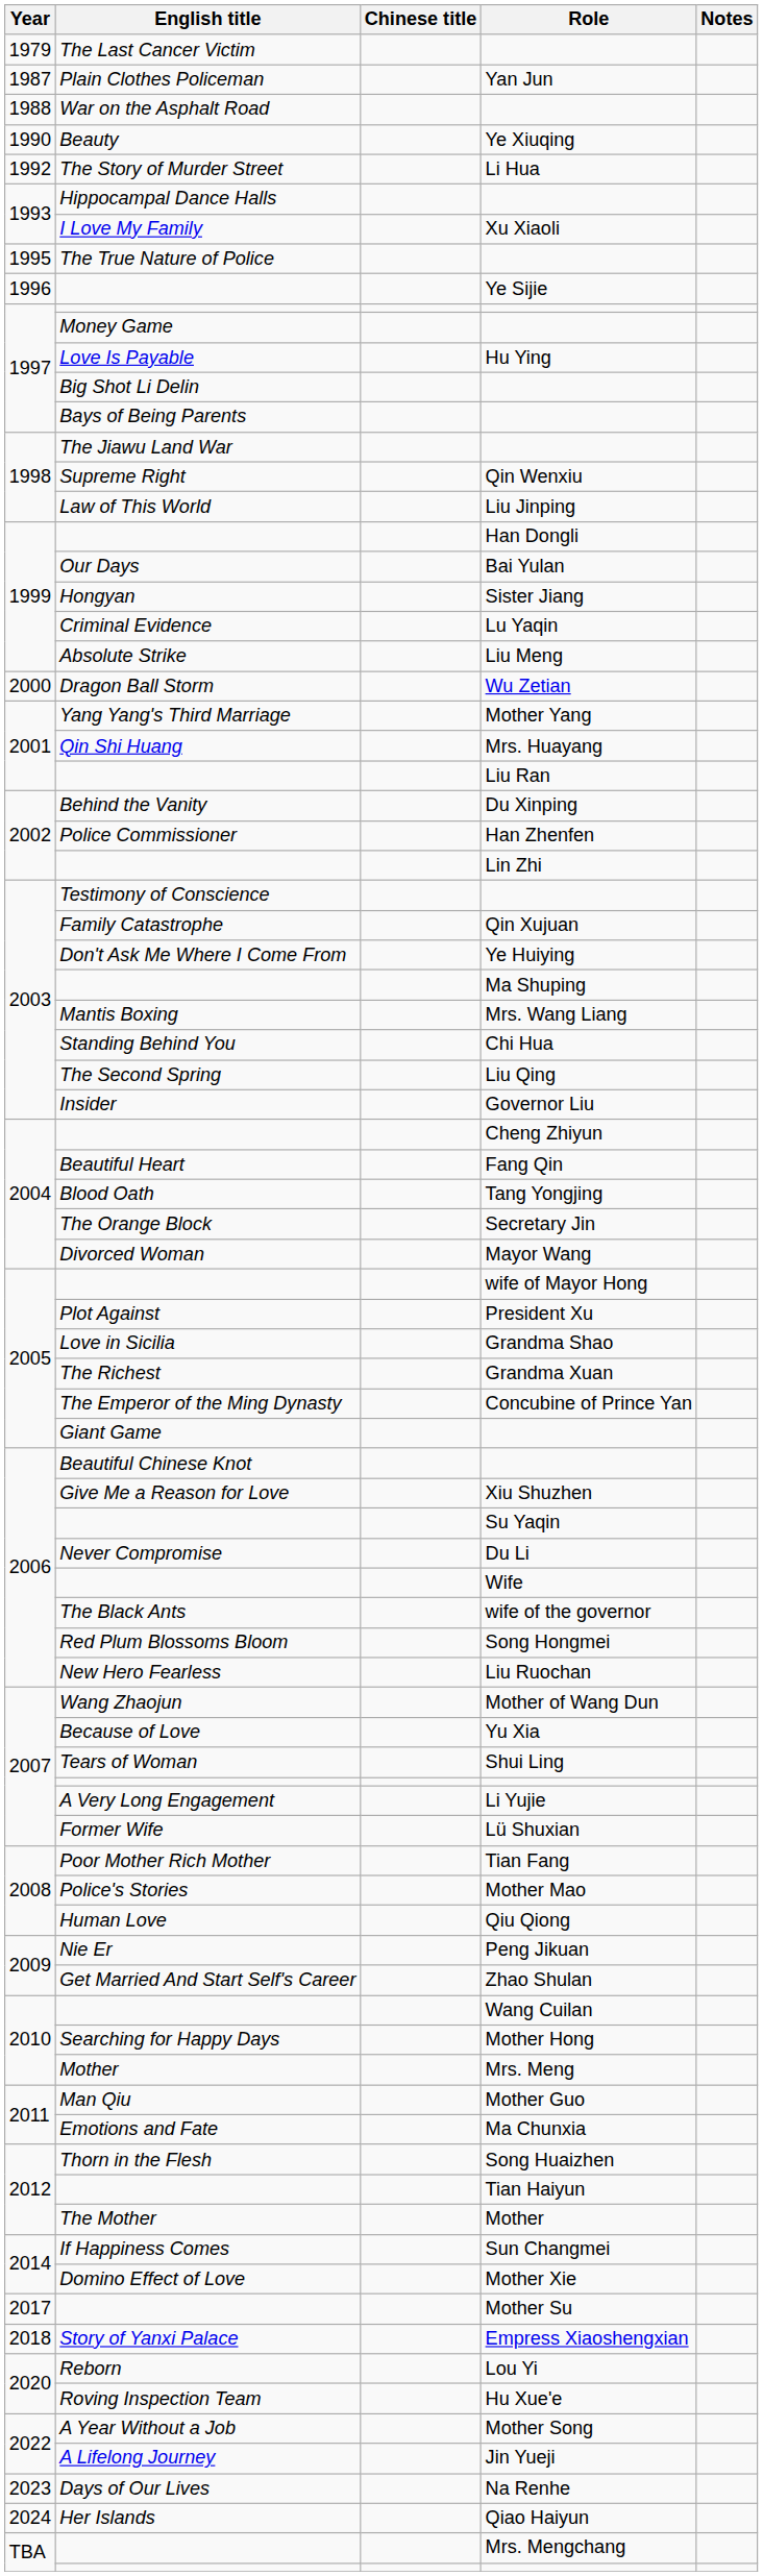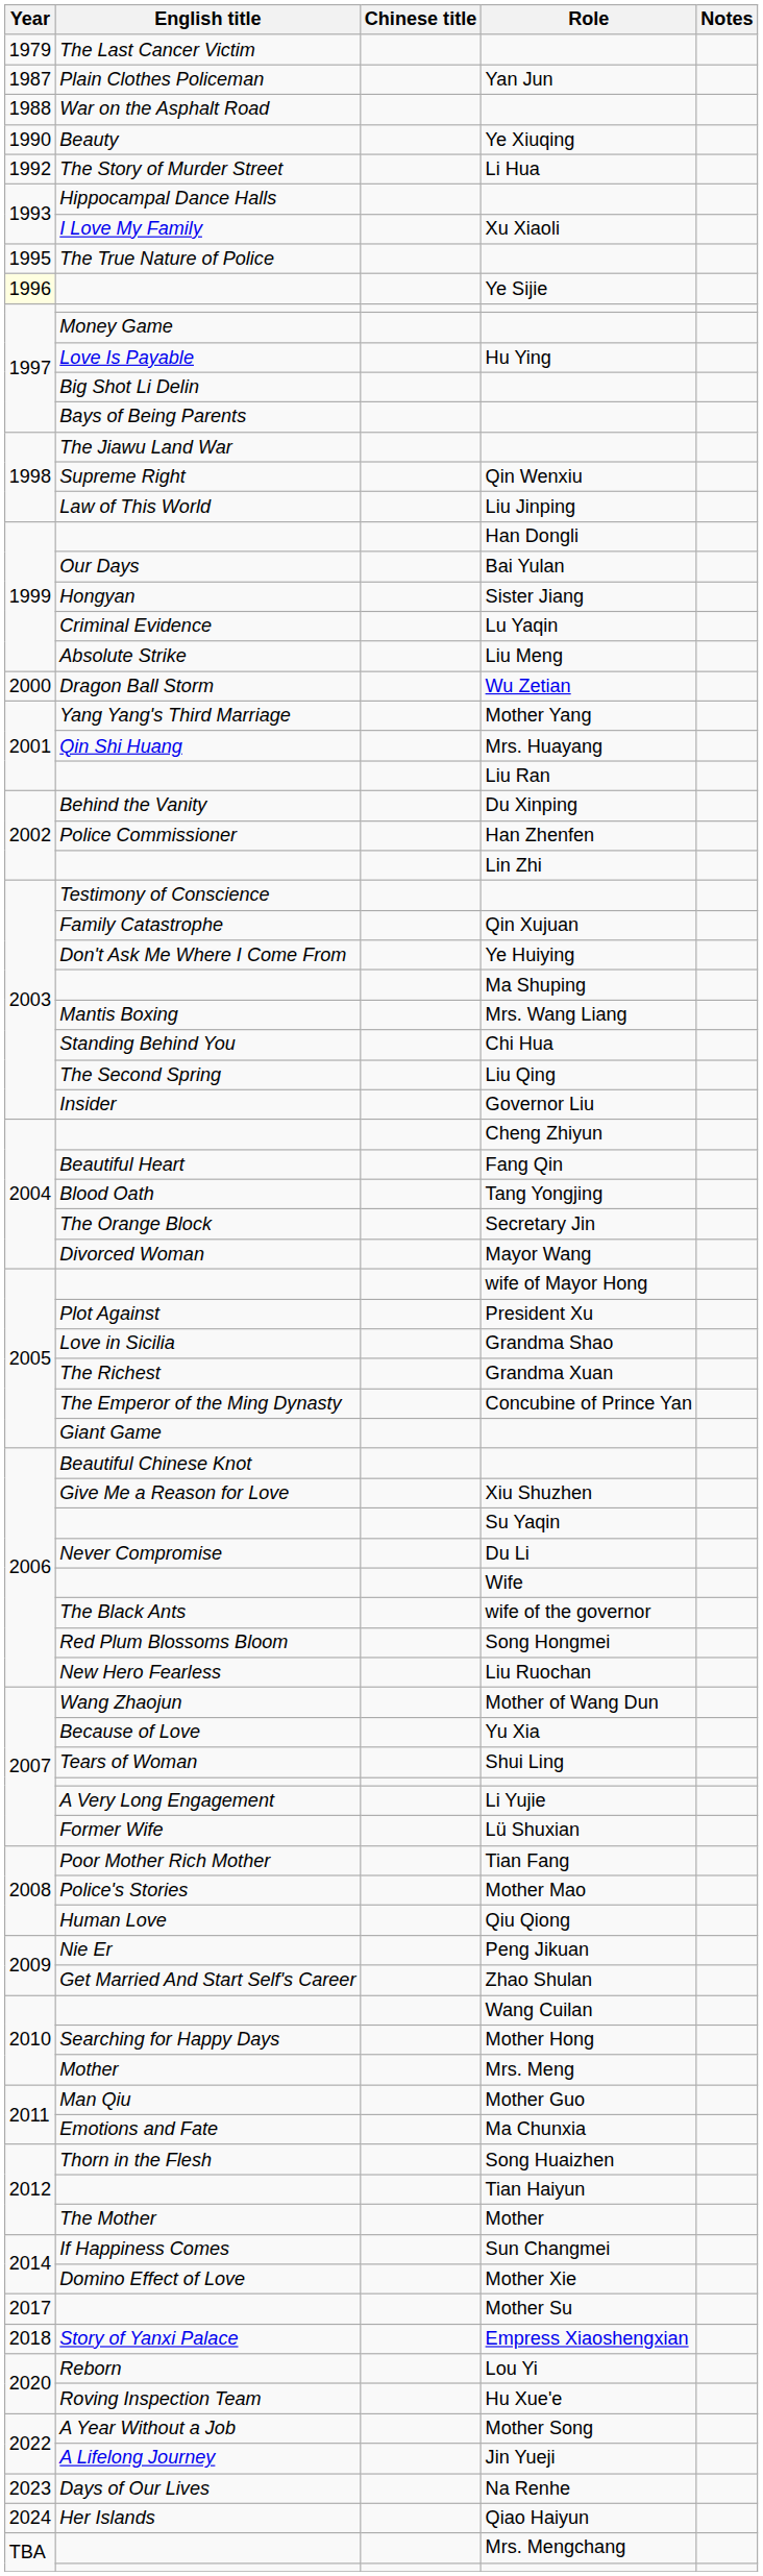 <table class="wikitable">
 <tr>
 <th>Year</th>
 <th>English title</th>
 <th>Chinese title</th>
 <th>Role</th>
 <th>Notes</th>
 </tr>
 <tr>
 <td>1979</td>
 <td><em>The Last Cancer Victim</em></td>
 <td></td>
 <td></td>
 <td></td>
 </tr>
 <tr>
 <td>1987</td>
 <td><em>Plain Clothes Policeman</em></td>
 <td></td>
 <td>Yan Jun</td>
 <td></td>
 </tr>
 <tr>
 <td>1988</td>
 <td><em>War on the Asphalt Road</em></td>
 <td></td>
 <td></td>
 <td></td>
 </tr>
 <tr>
 <td>1990</td>
 <td><em>Beauty</em></td>
 <td></td>
 <td>Ye Xiuqing</td>
 <td></td>
 </tr>
 <tr>
 <td>1992</td>
 <td><em>The Story of Murder Street</em></td>
 <td></td>
 <td>Li Hua</td>
 <td></td>
 </tr>
 <tr>
 <td rowspan="2">1993</td>
 <td><em>Hippocampal Dance Halls</em></td>
 <td></td>
 <td></td>
 <td></td>
 </tr>
 <tr>
 <td><em><a href='#'>I Love My Family</a></em></td>
 <td></td>
 <td>Xu Xiaoli</td>
 <td></td>
 </tr>
 <tr>
 <td>1995</td>
 <td><em>The True Nature of Police</em></td>
 <td></td>
 <td></td>
 <td></td>
 </tr>
 <tr>
-<td>1996</td>
+<td style="background: lightyellow;">1996</td>
 <td></td>
 <td></td>
 <td>Ye Sijie</td>
 <td></td>
 </tr>
 <tr>
 <td rowspan="5">1997</td>
 <td></td>
 <td></td>
 <td></td>
 <td></td>
 </tr>
 <tr>
 <td><em>Money Game</em></td>
 <td></td>
 <td></td>
 <td></td>
 </tr>
 <tr>
 <td><em><a href='#'>Love Is Payable</a></em></td>
 <td></td>
 <td>Hu Ying</td>
 <td></td>
 </tr>
 <tr>
 <td><em>Big Shot Li Delin</em></td>
 <td></td>
 <td></td>
 <td></td>
 </tr>
 <tr>
 <td><em>Bays of Being Parents</em></td>
 <td></td>
 <td></td>
 <td></td>
 </tr>
 <tr>
 <td rowspan="3">1998</td>
 <td><em>The Jiawu Land War</em></td>
 <td></td>
 <td></td>
 <td></td>
 </tr>
 <tr>
 <td><em>Supreme Right</em></td>
 <td></td>
 <td>Qin Wenxiu</td>
 <td></td>
 </tr>
 <tr>
 <td><em>Law of This World</em></td>
 <td></td>
 <td>Liu Jinping</td>
 <td></td>
 </tr>
 <tr>
 <td rowspan="5">1999</td>
 <td></td>
 <td></td>
 <td>Han Dongli</td>
 <td></td>
 </tr>
 <tr>
 <td><em>Our Days</em></td>
 <td></td>
 <td>Bai Yulan</td>
 <td></td>
 </tr>
 <tr>
 <td><em>Hongyan</em></td>
 <td></td>
 <td>Sister Jiang</td>
 <td></td>
 </tr>
 <tr>
 <td><em>Criminal Evidence</em></td>
 <td></td>
 <td>Lu Yaqin</td>
 <td></td>
 </tr>
 <tr>
 <td><em>Absolute Strike</em></td>
 <td></td>
 <td>Liu Meng</td>
 <td></td>
 </tr>
 <tr>
 <td>2000</td>
 <td><em>Dragon Ball Storm</em></td>
 <td></td>
 <td><a href='#'>Wu Zetian</a></td>
 <td></td>
 </tr>
 <tr>
 <td rowspan="3">2001</td>
 <td><em>Yang Yang's Third Marriage</em></td>
 <td></td>
 <td>Mother Yang</td>
 <td></td>
 </tr>
 <tr>
 <td><em><a href='#'>Qin Shi Huang</a></em></td>
 <td></td>
 <td>Mrs. Huayang</td>
 <td></td>
 </tr>
 <tr>
 <td></td>
 <td></td>
 <td>Liu Ran</td>
 <td></td>
 </tr>
 <tr>
 <td rowspan="3">2002</td>
 <td><em>Behind the Vanity</em></td>
 <td></td>
 <td>Du Xinping</td>
 <td></td>
 </tr>
 <tr>
 <td><em>Police Commissioner</em></td>
 <td></td>
 <td>Han Zhenfen</td>
 <td></td>
 </tr>
 <tr>
 <td></td>
 <td></td>
 <td>Lin Zhi</td>
 <td></td>
 </tr>
 <tr>
 <td rowspan="8">2003</td>
 <td><em>Testimony of Conscience</em></td>
 <td></td>
 <td></td>
 <td></td>
 </tr>
 <tr>
 <td><em>Family Catastrophe</em></td>
 <td></td>
 <td>Qin Xujuan</td>
 <td></td>
 </tr>
 <tr>
 <td><em>Don't Ask Me Where I Come From</em></td>
 <td></td>
 <td>Ye Huiying</td>
 <td></td>
 </tr>
 <tr>
 <td></td>
 <td></td>
 <td>Ma Shuping</td>
 <td></td>
 </tr>
 <tr>
 <td><em>Mantis Boxing</em></td>
 <td></td>
 <td>Mrs. Wang Liang</td>
 <td></td>
 </tr>
 <tr>
 <td><em>Standing Behind You</em></td>
 <td></td>
 <td>Chi Hua</td>
 <td></td>
 </tr>
 <tr>
 <td><em>The Second Spring</em></td>
 <td></td>
 <td>Liu Qing</td>
 <td></td>
 </tr>
 <tr>
 <td><em>Insider</em></td>
 <td></td>
 <td>Governor Liu</td>
 <td></td>
 </tr>
 <tr>
 <td rowspan="5">2004</td>
 <td></td>
 <td></td>
 <td>Cheng Zhiyun</td>
 <td></td>
 </tr>
 <tr>
 <td><em>Beautiful Heart</em></td>
 <td></td>
 <td>Fang Qin</td>
 <td></td>
 </tr>
 <tr>
 <td><em>Blood Oath</em></td>
 <td></td>
 <td>Tang Yongjing</td>
 <td></td>
 </tr>
 <tr>
 <td><em>The Orange Block</em></td>
 <td></td>
 <td>Secretary Jin</td>
 <td></td>
 </tr>
 <tr>
 <td><em>Divorced Woman</em></td>
 <td></td>
 <td>Mayor Wang</td>
 <td></td>
 </tr>
 <tr>
 <td rowspan="6">2005</td>
 <td></td>
 <td></td>
 <td>wife of Mayor Hong</td>
 <td></td>
 </tr>
 <tr>
 <td><em>Plot Against</em></td>
 <td></td>
 <td>President Xu</td>
 <td></td>
 </tr>
 <tr>
 <td><em>Love in Sicilia</em></td>
 <td></td>
 <td>Grandma Shao</td>
 <td></td>
 </tr>
 <tr>
 <td><em>The Richest</em></td>
 <td></td>
 <td>Grandma Xuan</td>
 <td></td>
 </tr>
 <tr>
 <td><em>The Emperor of the Ming Dynasty</em></td>
 <td></td>
 <td>Concubine of Prince Yan</td>
 <td></td>
 </tr>
 <tr>
 <td><em>Giant Game</em></td>
 <td></td>
 <td></td>
 <td></td>
 </tr>
 <tr>
 <td rowspan="8">2006</td>
 <td><em>Beautiful Chinese Knot</em></td>
 <td></td>
 <td></td>
 <td></td>
 </tr>
 <tr>
 <td><em>Give Me a Reason for Love</em></td>
 <td></td>
 <td>Xiu Shuzhen</td>
 <td></td>
 </tr>
 <tr>
 <td></td>
 <td></td>
 <td>Su Yaqin</td>
 <td></td>
 </tr>
 <tr>
 <td><em>Never Compromise</em></td>
 <td></td>
 <td>Du Li</td>
 <td></td>
 </tr>
 <tr>
 <td></td>
 <td></td>
 <td>Wife</td>
 <td></td>
 </tr>
 <tr>
 <td><em>The Black Ants</em></td>
 <td></td>
 <td>wife of the governor</td>
 <td></td>
 </tr>
 <tr>
 <td><em>Red Plum Blossoms Bloom</em></td>
 <td></td>
 <td>Song Hongmei</td>
 <td></td>
 </tr>
 <tr>
 <td><em>New Hero Fearless</em></td>
 <td></td>
 <td>Liu Ruochan</td>
 <td></td>
 </tr>
 <tr>
 <td rowspan="6">2007</td>
 <td><em>Wang Zhaojun</em></td>
 <td></td>
 <td>Mother of Wang Dun</td>
 <td></td>
 </tr>
 <tr>
 <td><em>Because of Love</em></td>
 <td></td>
 <td>Yu Xia</td>
 <td></td>
 </tr>
 <tr>
 <td><em>Tears of Woman</em></td>
 <td></td>
 <td>Shui Ling</td>
 <td></td>
 </tr>
 <tr>
 <td></td>
 <td></td>
 <td></td>
 <td></td>
 </tr>
 <tr>
 <td><em>A Very Long Engagement</em></td>
 <td></td>
 <td>Li Yujie</td>
 <td></td>
 </tr>
 <tr>
 <td><em>Former Wife</em></td>
 <td></td>
 <td>Lü Shuxian</td>
 <td></td>
 </tr>
 <tr>
 <td rowspan="3">2008</td>
 <td><em>Poor Mother Rich Mother</em></td>
 <td></td>
 <td>Tian Fang</td>
 <td></td>
 </tr>
 <tr>
 <td><em>Police's Stories </em></td>
 <td></td>
 <td>Mother Mao</td>
 <td></td>
 </tr>
 <tr>
 <td><em>Human Love</em></td>
 <td></td>
 <td>Qiu Qiong</td>
 <td></td>
 </tr>
 <tr>
 <td rowspan="2">2009</td>
 <td><em>Nie Er</em></td>
 <td></td>
 <td>Peng Jikuan</td>
 <td></td>
 </tr>
 <tr>
 <td><em>Get Married And Start Self's Career</em></td>
 <td></td>
 <td>Zhao Shulan</td>
 <td></td>
 </tr>
 <tr>
 <td rowspan="3">2010</td>
 <td></td>
 <td></td>
 <td>Wang Cuilan</td>
 <td></td>
 </tr>
 <tr>
 <td><em>Searching for Happy Days</em></td>
 <td></td>
 <td>Mother Hong</td>
 <td></td>
 </tr>
 <tr>
 <td><em>Mother</em></td>
 <td></td>
 <td>Mrs. Meng</td>
 <td></td>
 </tr>
 <tr>
 <td rowspan="2">2011</td>
 <td><em>Man Qiu</em></td>
 <td></td>
 <td>Mother Guo</td>
 <td></td>
 </tr>
 <tr>
 <td><em>Emotions and Fate</em></td>
 <td></td>
 <td>Ma Chunxia</td>
 <td></td>
 </tr>
 <tr>
 <td rowspan="3">2012</td>
 <td><em>Thorn in the Flesh</em></td>
 <td></td>
 <td>Song Huaizhen</td>
 <td></td>
 </tr>
 <tr>
 <td></td>
 <td></td>
 <td>Tian Haiyun</td>
 <td></td>
 </tr>
 <tr>
 <td><em>The Mother</em></td>
 <td></td>
 <td>Mother</td>
 <td></td>
 </tr>
 <tr>
 <td rowspan="2">2014</td>
 <td><em>If Happiness Comes</em></td>
 <td></td>
 <td>Sun Changmei</td>
 <td></td>
 </tr>
 <tr>
 <td><em>Domino Effect of Love</em></td>
 <td></td>
 <td>Mother Xie</td>
 <td></td>
 </tr>
 <tr>
 <td>2017</td>
 <td></td>
 <td></td>
 <td>Mother Su</td>
 <td></td>
 </tr>
 <tr>
 <td>2018</td>
 <td><em><a href='#'>Story of Yanxi Palace</a></em></td>
 <td></td>
 <td><a href='#'>Empress Xiaoshengxian</a></td>
 <td></td>
 </tr>
 <tr>
 <td rowspan="2">2020</td>
 <td><em>Reborn</em></td>
 <td></td>
 <td>Lou Yi</td>
 <td></td>
 </tr>
 <tr>
 <td><em>Roving Inspection Team</em></td>
 <td></td>
 <td>Hu Xue'e</td>
 <td></td>
 </tr>
 <tr>
 <td rowspan="2">2022</td>
 <td><em>A Year Without a Job</em></td>
 <td></td>
 <td>Mother Song</td>
 <td></td>
 </tr>
 <tr>
 <td><em><a href='#'>A Lifelong Journey</a></em></td>
 <td></td>
 <td>Jin Yueji</td>
 <td></td>
 </tr>
 <tr>
 <td>2023</td>
 <td><em>Days of Our Lives</em></td>
 <td></td>
 <td>Na Renhe</td>
 <td></td>
 </tr>
 <tr>
 <td>2024</td>
 <td><em>Her Islands</em></td>
 <td></td>
 <td>Qiao Haiyun</td>
 <td></td>
 </tr>
 <tr>
 <td rowspan="2">TBA</td>
 <td></td>
 <td></td>
 <td>Mrs. Mengchang</td>
 <td></td>
 </tr>
 <tr>
 <td></td>
 <td></td>
 <td></td>
 <td></td>
 </tr>
 </table>
